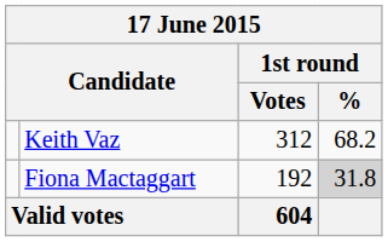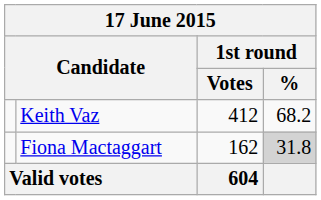 <table class="wikitable" style="min-width:250px">
 <tr>
 <th colspan="4">17 June 2015</th>
 </tr>
 <tr>
 <th colspan="2" rowspan="2">Candidate</th>
 <th colspan="2">1st round</th>
 </tr>
 <tr>
 <th>Votes</th>
 <th>%</th>
 </tr>
 <tr>
 <td style="color:inherit;background-color: "></td>
 <td><a href='#'>Keith Vaz</a></td>
-<td align="right">312</td>
+<td align="right">412</td>
 <td align="right">68.2</td>
 </tr>
 <tr>
 <td style="color:inherit;background-color: "></td>
 <td><a href='#'>Fiona Mactaggart</a></td>
-<td align="right">192</td>
+<td align="right">162</td>
 <td align="right" style="background: lightgrey;">31.8</td>
 </tr>
 <tr>
 <th colspan="2" style="text-align:left;"><strong>Valid votes</strong></th>
 <th style="text-align:right;">604</th>
 <th></th>
 </tr>
 </table>
